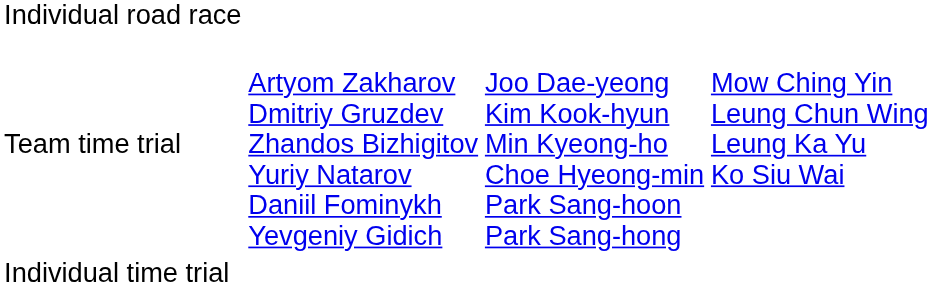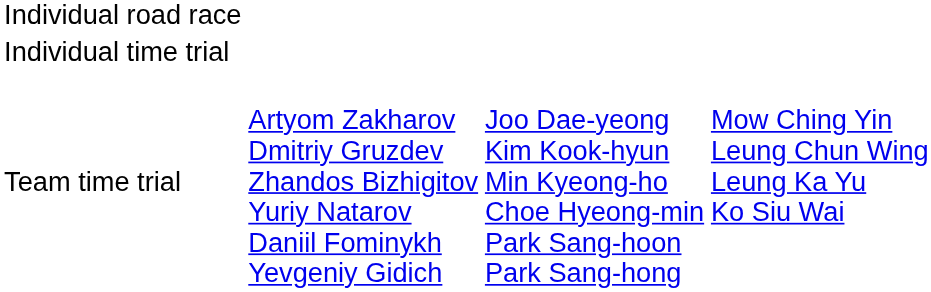 <table>
 <tr>
 <td>Individual road race</td>
+<td></td>
+<td></td>
+<td></td>
+</tr>
+<tr>
+<td>Individual time trial</td>
 <td></td>
 <td></td>
 <td></td>
 </tr>
 <tr>
 <td>Team time trial</td>
 <td><br><a href='#'>Artyom Zakharov</a><br><a href='#'>Dmitriy Gruzdev</a><br><a href='#'>Zhandos Bizhigitov</a><br><a href='#'>Yuriy Natarov</a><br><a href='#'>Daniil Fominykh</a><br><a href='#'>Yevgeniy Gidich</a></td>
 <td><br><a href='#'>Joo Dae-yeong</a><br><a href='#'>Kim Kook-hyun</a><br><a href='#'>Min Kyeong-ho</a><br><a href='#'>Choe Hyeong-min</a><br><a href='#'>Park Sang-hoon</a><br><a href='#'>Park Sang-hong</a></td>
 <td valign=top><br><a href='#'>Mow Ching Yin</a><br><a href='#'>Leung Chun Wing</a><br><a href='#'>Leung Ka Yu</a><br><a href='#'>Ko Siu Wai</a></td>
 </tr>
-<tr>
-<td>Individual time trial</td>
-<td></td>
-<td></td>
-<td></td>
-</tr>
 </table>
